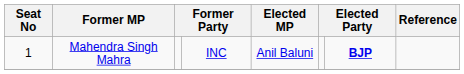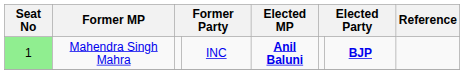 <table class="wikitable">
 <tr>
 <th>Seat No</th>
 <th>Former MP</th>
 <th colspan=2>Former Party</th>
 <th>Elected MP</th>
 <th colspan=2>Elected Party</th>
 <th>Reference</th>
 </tr>
 <tr style="text-align:center;">
-<td>1</td>
+<td style="background: lightgreen;">1</td>
 <td><a href='#'>Mahendra Singh Mahra</a></td>
 <td width="1px"></td>
 <td><a href='#'>INC</a></td>
-<td><a href='#'>Anil Baluni</a></td>
+<td><strong><a href='#'>Anil Baluni</a></strong></td>
 <td width="1px"></td>
 <td><strong><a href='#'>BJP</a></strong></td>
 <td></td>
 </tr>
 <tr>
 </tr>
 </table>
